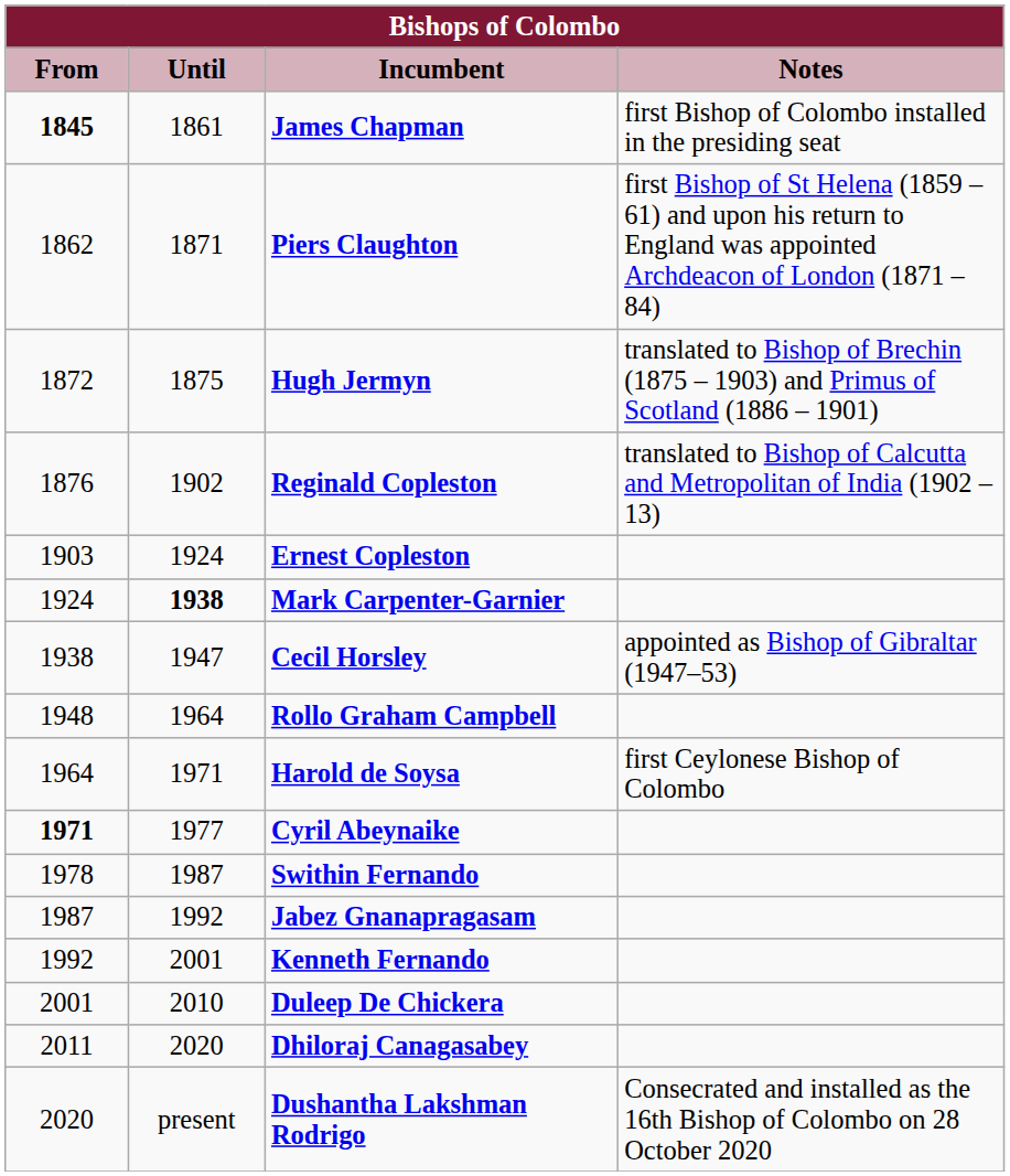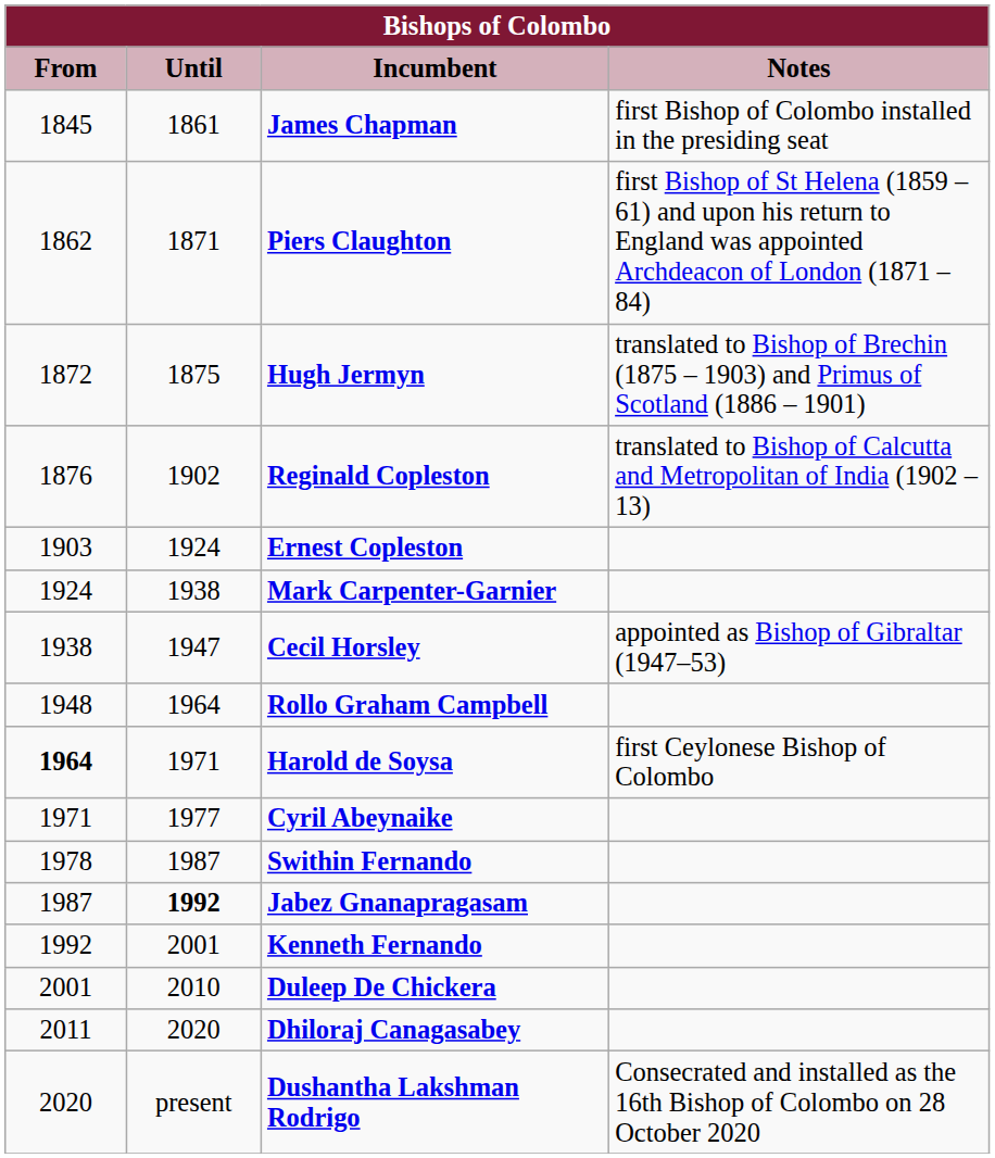 <table class="wikitable sortable" style="width:95%;" border="1" cellpadding="2">
 <tr>
 <th colspan="5" style="background-color: #7F1734; color: white;">Bishops of Colombo</th>
 </tr>
 <tr>
 <th style="background-color: #D4B1BB; width: 5%;">From</th>
 <th style="background-color: #D4B1BB; width: 5%;">Until</th>
 <th style="background-color: #D4B1BB; width: 16%;">Incumbent</th>
 <th style="background-color: #D4B1BB; width: 20%;">Notes</th>
 </tr>
 <tr>
-<td style="text-align: center;"><strong>1845</strong></td>
+<td style="text-align: center;">1845</td>
 <td style="text-align: center;">1861</td>
 <td><strong><a href='#'>James Chapman</a></strong></td>
 <td>first Bishop of Colombo installed in the presiding seat</td>
 </tr>
 <tr>
 <td style="text-align: center;">1862</td>
 <td style="text-align: center;">1871</td>
 <td><strong><a href='#'>Piers Claughton</a></strong></td>
 <td>first <a href='#'>Bishop of St Helena</a> (1859 – 61) and upon his return to England was appointed <a href='#'>Archdeacon of London</a> (1871 – 84)</td>
 </tr>
 <tr>
 <td style="text-align: center;">1872</td>
 <td style="text-align: center;">1875</td>
 <td><strong><a href='#'>Hugh Jermyn</a></strong></td>
 <td>translated to <a href='#'>Bishop of Brechin</a> (1875 – 1903) and <a href='#'>Primus of Scotland</a> (1886 – 1901)</td>
 </tr>
 <tr>
 <td style="text-align: center;">1876</td>
 <td style="text-align: center;">1902</td>
 <td><strong><a href='#'>Reginald Copleston</a></strong></td>
 <td>translated to <a href='#'>Bishop of Calcutta and Metropolitan of India</a> (1902 – 13)</td>
 </tr>
 <tr>
 <td style="text-align: center;">1903</td>
 <td style="text-align: center;">1924</td>
 <td><strong><a href='#'>Ernest Copleston</a></strong></td>
 <td></td>
 </tr>
 <tr>
 <td style="text-align: center;">1924</td>
-<td style="text-align: center;"><strong>1938</strong></td>
+<td style="text-align: center;">1938</td>
 <td><strong><a href='#'>Mark Carpenter-Garnier</a></strong></td>
 <td></td>
 </tr>
 <tr>
 <td style="text-align: center;">1938</td>
 <td style="text-align: center;">1947</td>
 <td><strong><a href='#'>Cecil Horsley</a></strong></td>
 <td>appointed as <a href='#'>Bishop of Gibraltar</a> (1947–53)</td>
 </tr>
 <tr>
 <td style="text-align: center;">1948</td>
 <td style="text-align: center;">1964</td>
 <td><strong><a href='#'>Rollo Graham Campbell</a></strong></td>
 <td></td>
 </tr>
 <tr>
-<td style="text-align: center;">1964</td>
+<td style="text-align: center;"><strong>1964</strong></td>
 <td style="text-align: center;">1971</td>
 <td><strong><a href='#'>Harold de Soysa</a></strong></td>
 <td>first Ceylonese Bishop of Colombo</td>
 </tr>
 <tr>
-<td style="text-align: center;"><strong>1971</strong></td>
+<td style="text-align: center;">1971</td>
 <td style="text-align: center;">1977</td>
 <td><strong><a href='#'>Cyril Abeynaike</a></strong></td>
 <td></td>
 </tr>
 <tr>
 <td style="text-align: center;">1978</td>
 <td style="text-align: center;">1987</td>
 <td><strong><a href='#'>Swithin Fernando</a></strong></td>
 <td></td>
 </tr>
 <tr>
 <td style="text-align: center;">1987</td>
-<td style="text-align: center;">1992</td>
+<td style="text-align: center;"><strong>1992</strong></td>
 <td><strong><a href='#'>Jabez Gnanapragasam</a></strong></td>
 <td></td>
 </tr>
 <tr>
 <td style="text-align: center;">1992</td>
 <td style="text-align: center;">2001</td>
 <td><strong><a href='#'>Kenneth Fernando</a></strong></td>
 <td></td>
 </tr>
 <tr>
 <td style="text-align: center;">2001</td>
 <td style="text-align: center;">2010</td>
 <td><strong><a href='#'>Duleep De Chickera</a></strong></td>
 <td></td>
 </tr>
 <tr>
 <td style="text-align: center;">2011</td>
 <td style="text-align: center;">2020</td>
 <td><strong><a href='#'>Dhiloraj Canagasabey</a></strong></td>
 <td></td>
 </tr>
 <tr>
 <td style="text-align: center;">2020</td>
 <td style="text-align: center;">present</td>
 <td><strong><a href='#'>Dushantha Lakshman Rodrigo</a></strong></td>
 <td>Consecrated and installed as the 16th Bishop of Colombo on 28 October 2020</td>
 </tr>
 </table>
